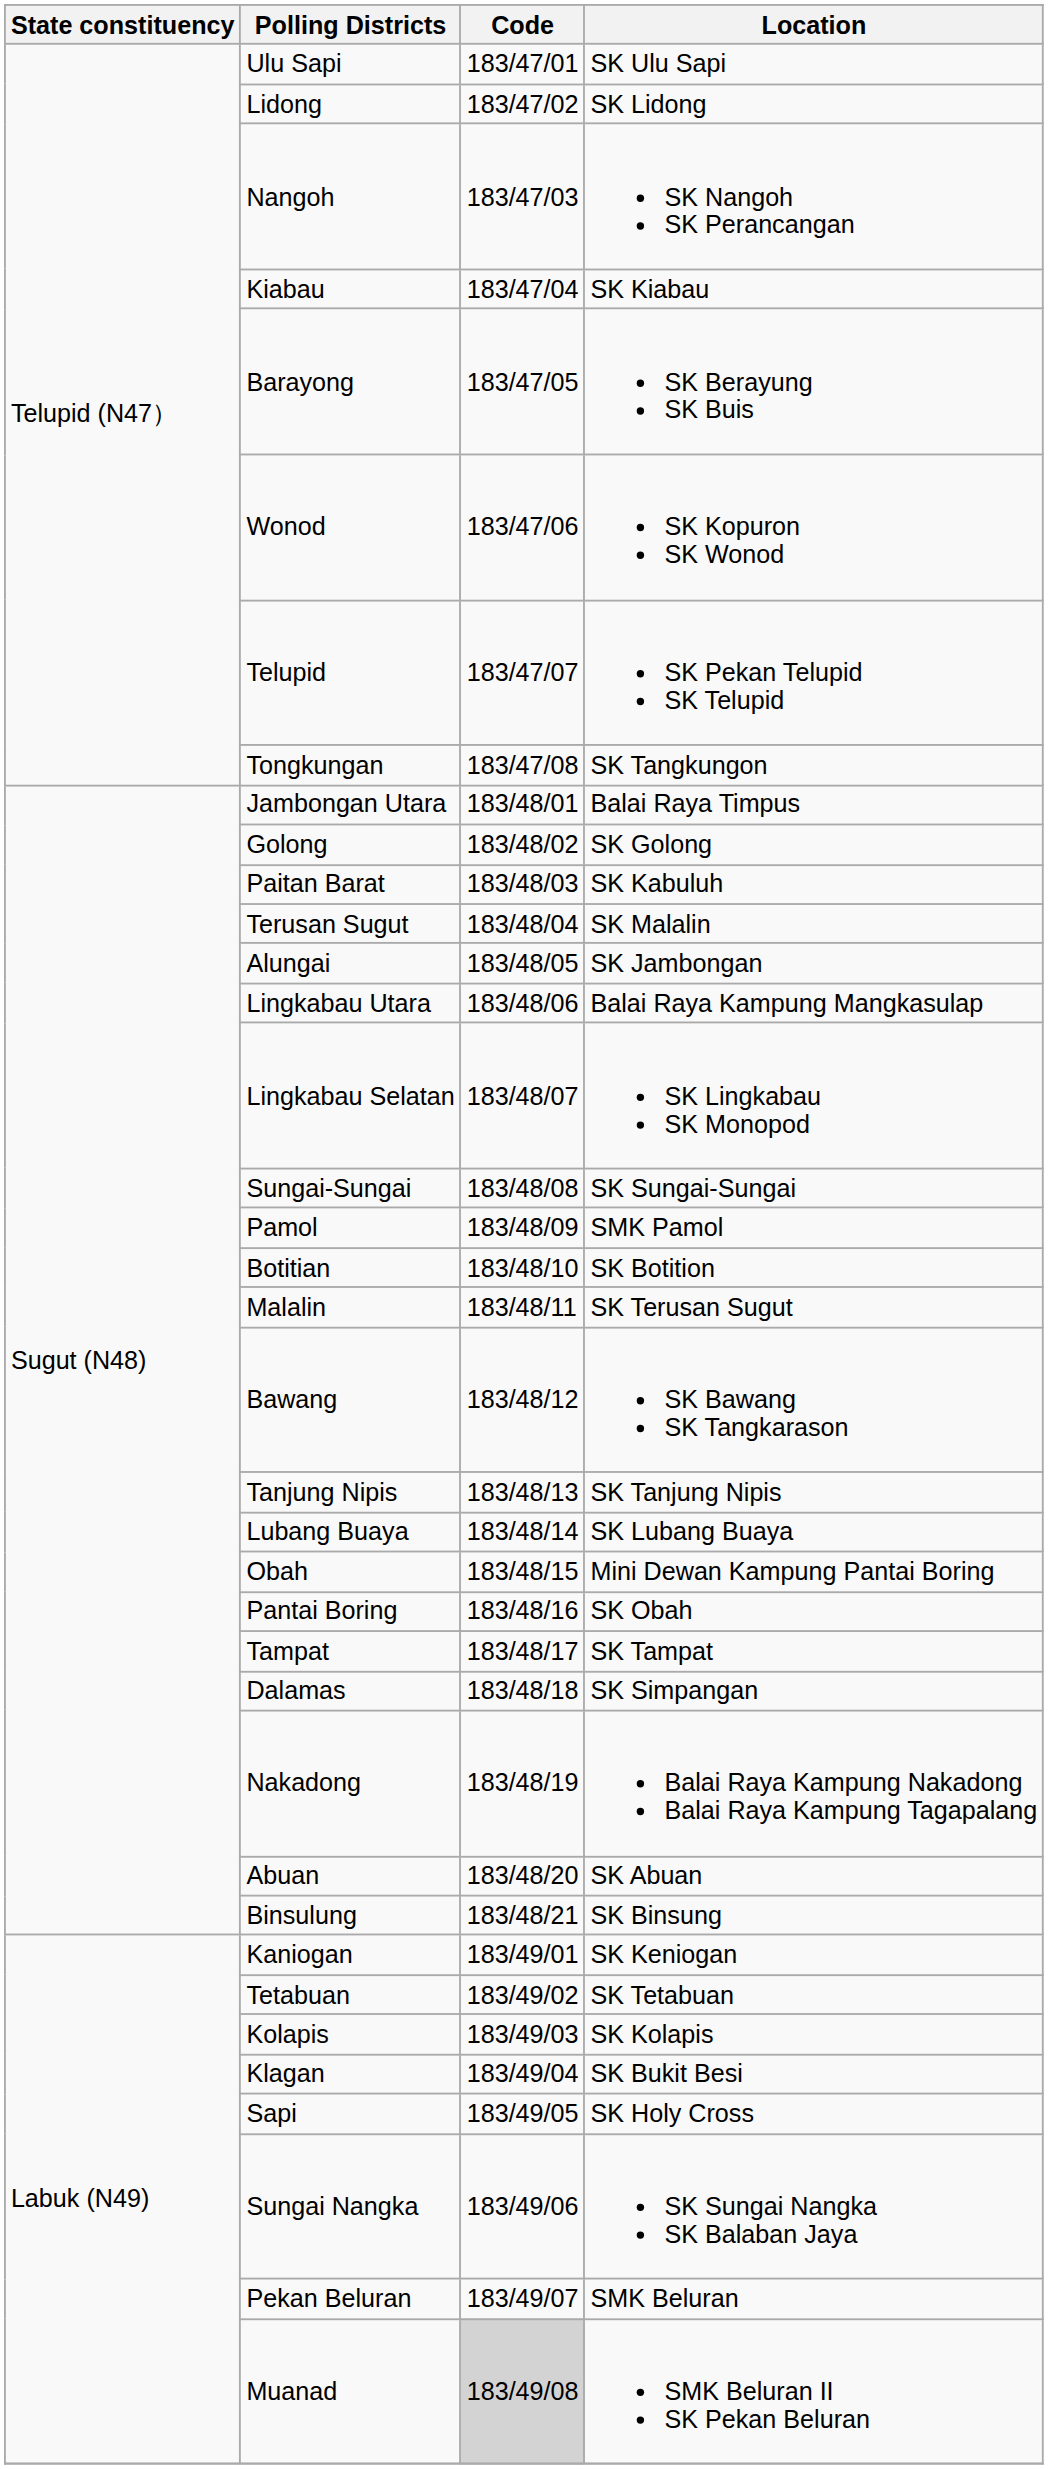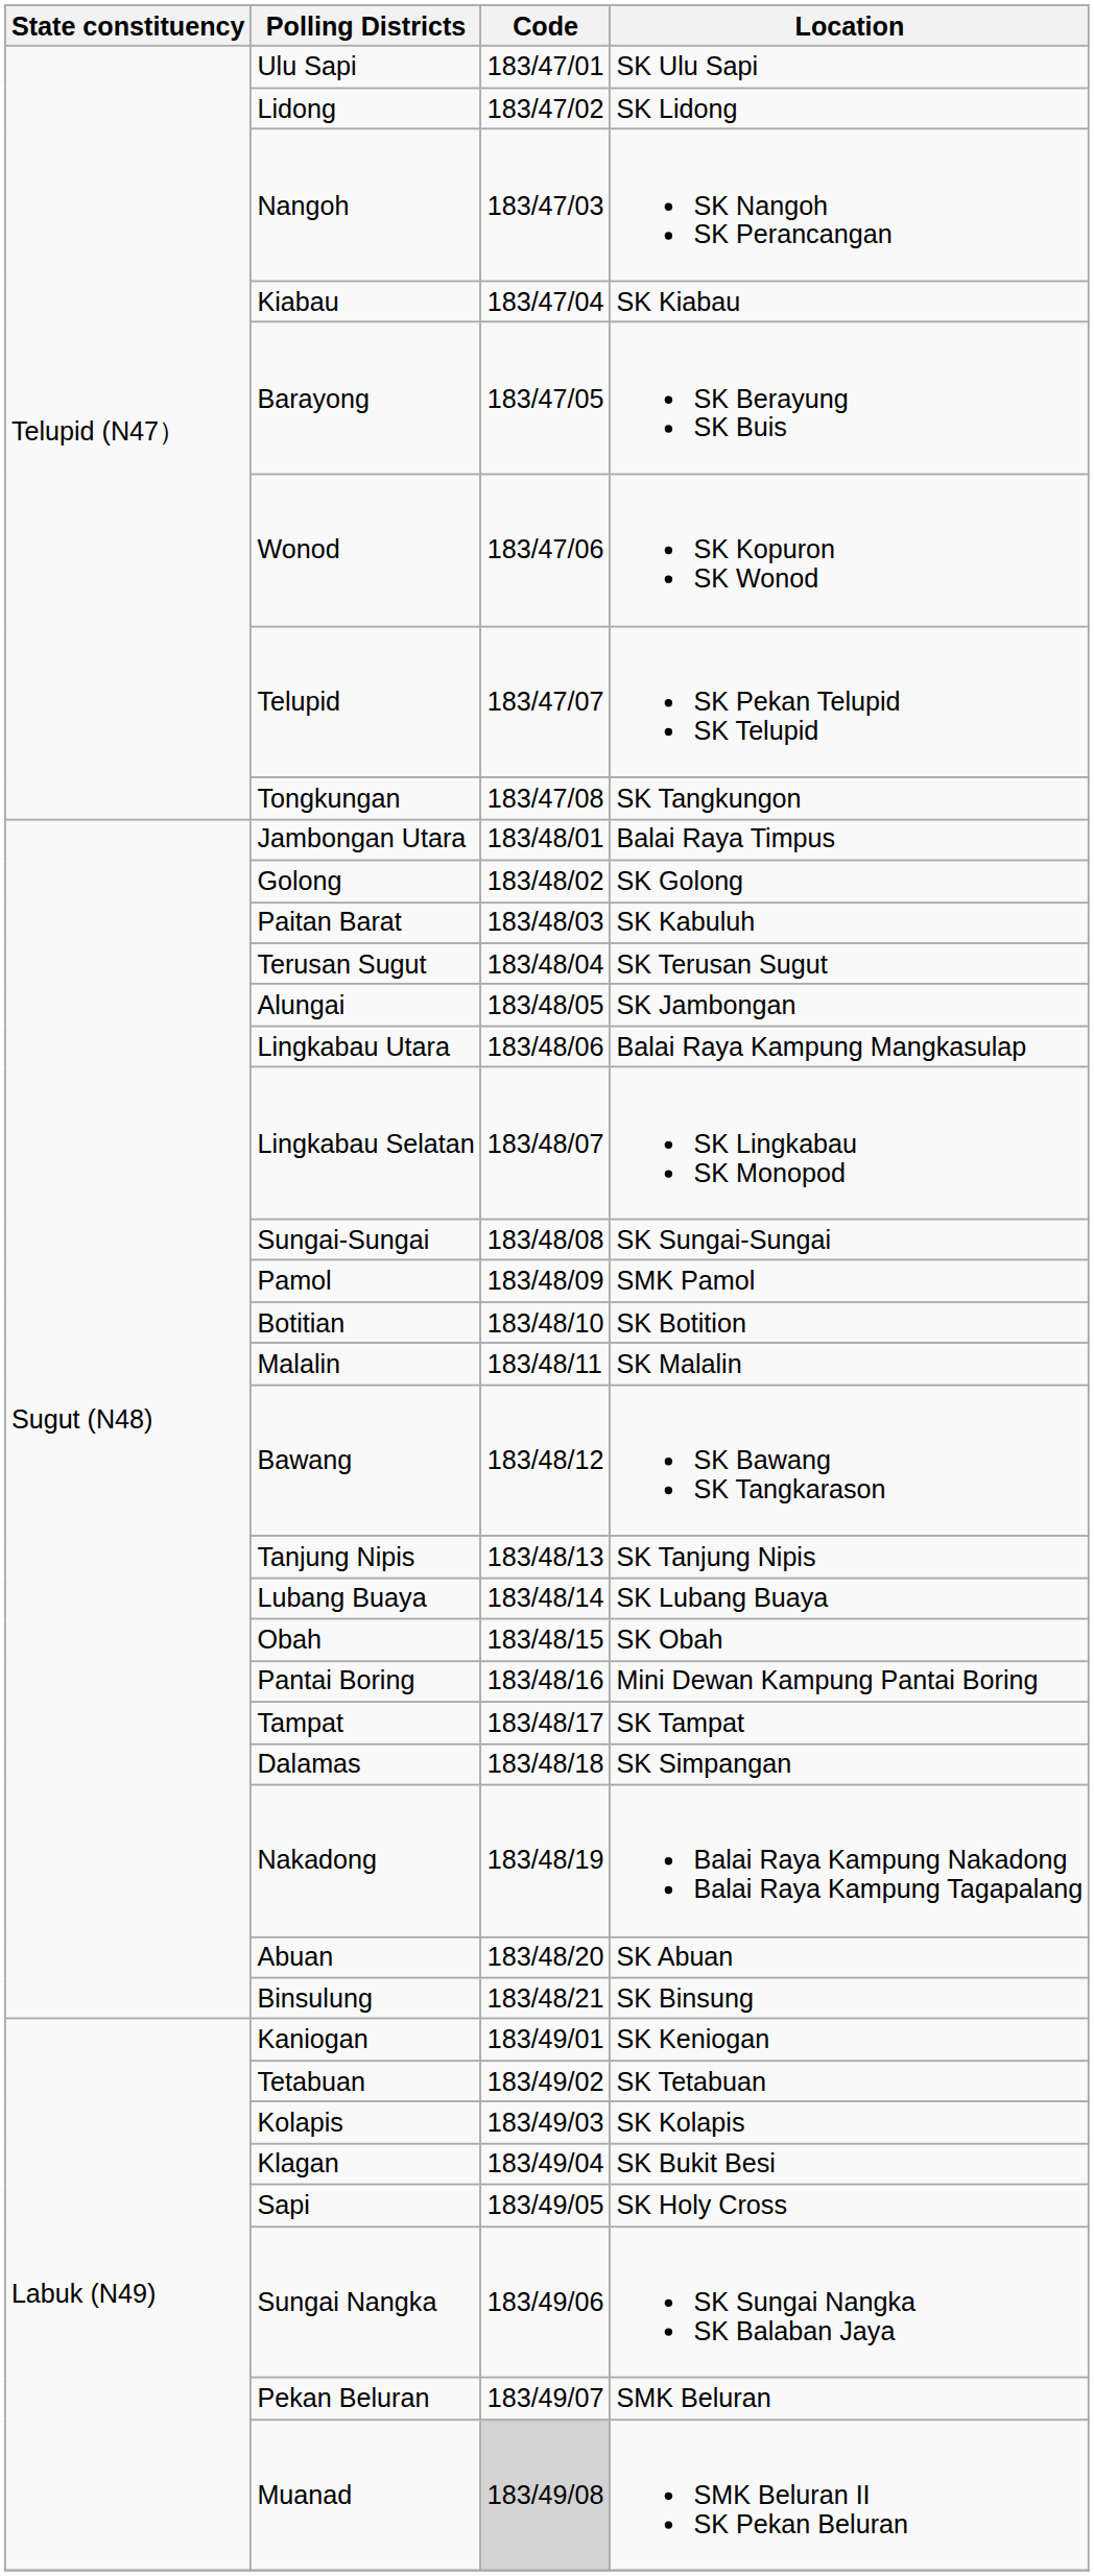 <table class="wikitable sortable mw-collapsible" style="white-space:nowrap;font-size:85%">
 <tr>
 <th>State constituency</th>
 <th>Polling Districts</th>
 <th>Code</th>
 <th>Location</th>
 </tr>
 <tr>
 <td rowspan="8">Telupid (N47）</td>
 <td>Ulu Sapi</td>
 <td>183/47/01</td>
 <td>SK Ulu Sapi</td>
 </tr>
 <tr>
 <td>Lidong</td>
 <td>183/47/02</td>
 <td>SK Lidong</td>
 </tr>
 <tr>
 <td>Nangoh</td>
 <td>183/47/03</td>
 <td><br><ul><li>SK Nangoh</li><li>SK Perancangan</li></ul></td>
 </tr>
 <tr>
 <td>Kiabau</td>
 <td>183/47/04</td>
 <td>SK Kiabau</td>
 </tr>
 <tr>
 <td>Barayong</td>
 <td>183/47/05</td>
 <td><br><ul><li>SK Berayung</li><li>SK Buis</li></ul></td>
 </tr>
 <tr>
 <td>Wonod</td>
 <td>183/47/06</td>
 <td><br><ul><li>SK Kopuron</li><li>SK Wonod</li></ul></td>
 </tr>
 <tr>
 <td>Telupid</td>
 <td>183/47/07</td>
 <td><br><ul><li>SK Pekan Telupid</li><li>SK Telupid</li></ul></td>
 </tr>
 <tr>
 <td>Tongkungan</td>
 <td>183/47/08</td>
 <td>SK Tangkungon</td>
 </tr>
 <tr>
 <td rowspan="21">Sugut (N48)</td>
 <td>Jambongan Utara</td>
 <td>183/48/01</td>
 <td>Balai Raya Timpus</td>
 </tr>
 <tr>
 <td>Golong</td>
 <td>183/48/02</td>
 <td>SK Golong</td>
 </tr>
 <tr>
 <td>Paitan Barat</td>
 <td>183/48/03</td>
 <td>SK Kabuluh</td>
 </tr>
 <tr>
 <td>Terusan Sugut</td>
 <td>183/48/04</td>
-<td>SK Malalin</td>
+<td>SK Terusan Sugut</td>
 </tr>
 <tr>
 <td>Alungai</td>
 <td>183/48/05</td>
 <td>SK Jambongan</td>
 </tr>
 <tr>
 <td>Lingkabau Utara</td>
 <td>183/48/06</td>
 <td>Balai Raya Kampung Mangkasulap</td>
 </tr>
 <tr>
 <td>Lingkabau Selatan</td>
 <td>183/48/07</td>
 <td><br><ul><li>SK Lingkabau</li><li>SK Monopod</li></ul></td>
 </tr>
 <tr>
 <td>Sungai-Sungai</td>
 <td>183/48/08</td>
 <td>SK Sungai-Sungai</td>
 </tr>
 <tr>
 <td>Pamol</td>
 <td>183/48/09</td>
 <td>SMK Pamol</td>
 </tr>
 <tr>
 <td>Botitian</td>
 <td>183/48/10</td>
 <td>SK Botition</td>
 </tr>
 <tr>
 <td>Malalin</td>
 <td>183/48/11</td>
-<td>SK Terusan Sugut</td>
+<td>SK Malalin</td>
 </tr>
 <tr>
 <td>Bawang</td>
 <td>183/48/12</td>
 <td><br><ul><li>SK Bawang</li><li>SK Tangkarason</li></ul></td>
 </tr>
 <tr>
 <td>Tanjung Nipis</td>
 <td>183/48/13</td>
 <td>SK Tanjung Nipis</td>
 </tr>
 <tr>
 <td>Lubang Buaya</td>
 <td>183/48/14</td>
 <td>SK Lubang Buaya</td>
 </tr>
 <tr>
 <td>Obah</td>
 <td>183/48/15</td>
-<td>Mini Dewan Kampung Pantai Boring</td>
+<td>SK Obah</td>
 </tr>
 <tr>
 <td>Pantai Boring</td>
 <td>183/48/16</td>
-<td>SK Obah</td>
+<td>Mini Dewan Kampung Pantai Boring</td>
 </tr>
 <tr>
 <td>Tampat</td>
 <td>183/48/17</td>
 <td>SK Tampat</td>
 </tr>
 <tr>
 <td>Dalamas</td>
 <td>183/48/18</td>
 <td>SK Simpangan</td>
 </tr>
 <tr>
 <td>Nakadong</td>
 <td>183/48/19</td>
 <td><br><ul><li>Balai Raya Kampung Nakadong</li><li>Balai Raya Kampung Tagapalang</li></ul></td>
 </tr>
 <tr>
 <td>Abuan</td>
 <td>183/48/20</td>
 <td>SK Abuan</td>
 </tr>
 <tr>
 <td>Binsulung</td>
 <td>183/48/21</td>
 <td>SK Binsung</td>
 </tr>
 <tr>
 <td rowspan="8">Labuk (N49)</td>
 <td>Kaniogan</td>
 <td>183/49/01</td>
 <td>SK Keniogan</td>
 </tr>
 <tr>
 <td>Tetabuan</td>
 <td>183/49/02</td>
 <td>SK Tetabuan</td>
 </tr>
 <tr>
 <td>Kolapis</td>
 <td>183/49/03</td>
 <td>SK Kolapis</td>
 </tr>
 <tr>
 <td>Klagan</td>
 <td>183/49/04</td>
 <td>SK Bukit Besi</td>
 </tr>
 <tr>
 <td>Sapi</td>
 <td>183/49/05</td>
 <td>SK Holy Cross</td>
 </tr>
 <tr>
 <td>Sungai Nangka</td>
 <td>183/49/06</td>
 <td><br><ul><li>SK Sungai Nangka</li><li>SK Balaban Jaya</li></ul></td>
 </tr>
 <tr>
 <td>Pekan Beluran</td>
 <td>183/49/07</td>
 <td>SMK Beluran</td>
 </tr>
 <tr>
 <td>Muanad</td>
 <td style="background: lightgrey;">183/49/08</td>
 <td><br><ul><li>SMK Beluran II</li><li>SK Pekan Beluran</li></ul></td>
 </tr>
 <tr>
 </tr>
 </table>
